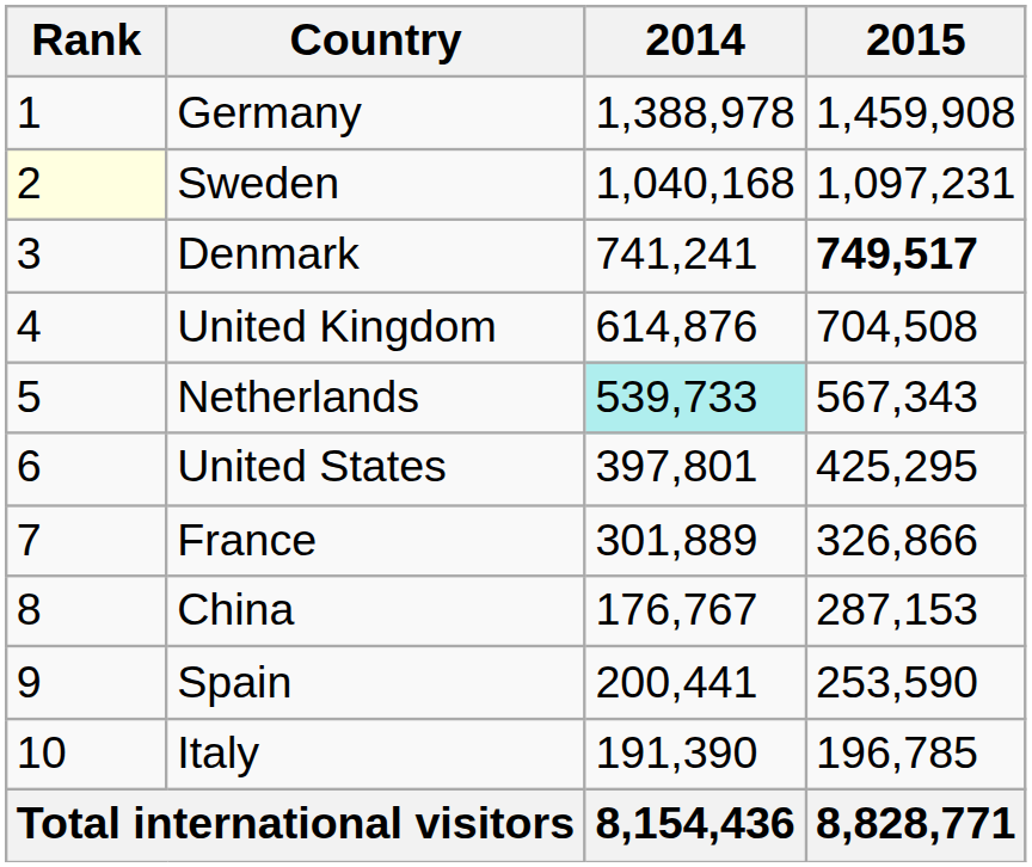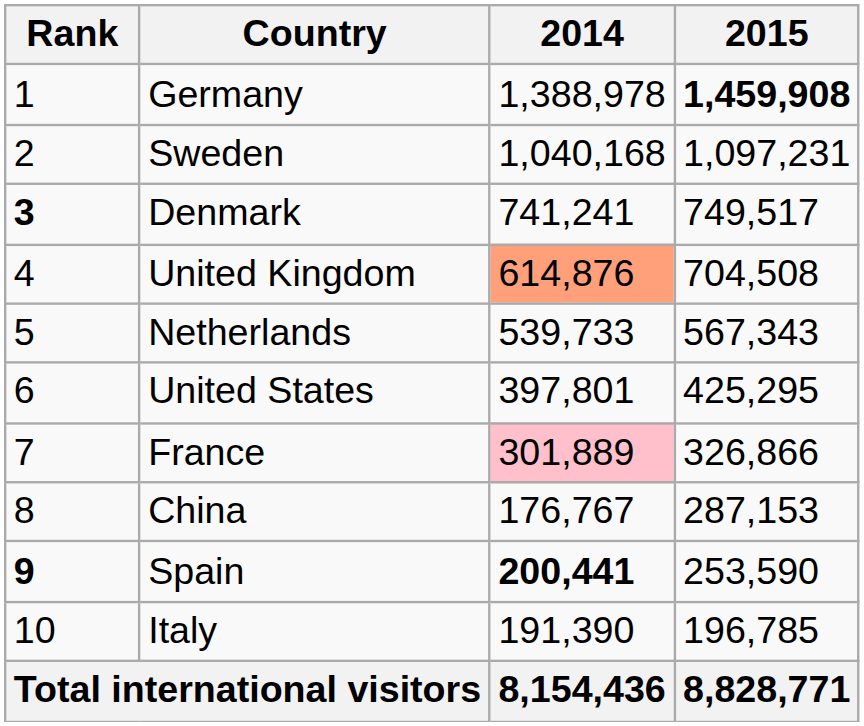 <table class="wikitable">
 <tr>
 <th>Rank</th>
 <th>Country</th>
 <th>2014</th>
 <th>2015</th>
 </tr>
 <tr>
 <td>1</td>
 <td>Germany</td>
 <td>1,388,978</td>
-<td>1,459,908</td>
+<td><strong>1,459,908</strong></td>
 </tr>
 <tr>
-<td style="background: lightyellow;">2</td>
+<td>2</td>
 <td>Sweden</td>
 <td>1,040,168</td>
 <td>1,097,231</td>
 </tr>
 <tr>
-<td>3</td>
+<td><strong>3</strong></td>
 <td>Denmark</td>
 <td>741,241</td>
-<td><strong>749,517</strong></td>
+<td>749,517</td>
 </tr>
 <tr>
 <td>4</td>
 <td>United Kingdom</td>
-<td>614,876</td>
+<td style="background: lightsalmon;">614,876</td>
 <td>704,508</td>
 </tr>
 <tr>
 <td>5</td>
 <td>Netherlands</td>
-<td style="background: paleturquoise;">539,733</td>
+<td>539,733</td>
 <td>567,343</td>
 </tr>
 <tr>
 <td>6</td>
 <td>United States</td>
 <td>397,801</td>
 <td>425,295</td>
 </tr>
 <tr>
 <td>7</td>
 <td>France</td>
-<td>301,889</td>
+<td style="background: pink;">301,889</td>
 <td>326,866</td>
 </tr>
 <tr>
 <td>8</td>
 <td>China</td>
 <td>176,767</td>
 <td>287,153</td>
 </tr>
 <tr>
-<td>9</td>
+<td><strong>9</strong></td>
 <td>Spain</td>
-<td>200,441</td>
+<td><strong>200,441</strong></td>
 <td>253,590</td>
 </tr>
 <tr>
 <td>10</td>
 <td>Italy</td>
 <td>191,390</td>
 <td>196,785</td>
 </tr>
 <tr>
 <th colspan=2>Total international visitors</th>
 <th>8,154,436</th>
 <th>8,828,771</th>
 </tr>
 </table>
